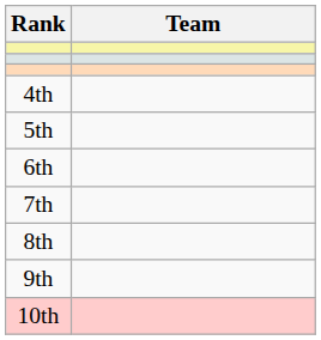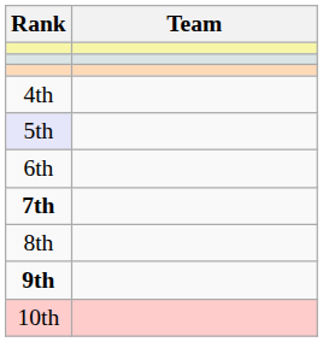 <table class="wikitable" style="text-align:center">
 <tr>
 <th width=30>Rank</th>
 <th width=160>Team</th>
 </tr>
 <tr style="background:#f7f6a8;">
 <td></td>
 <td align=left></td>
 </tr>
 <tr style="background:#dce5e5;">
 <td></td>
 <td align=left></td>
 </tr>
 <tr style="background:#ffdab9;">
 <td></td>
 <td align=left></td>
 </tr>
 <tr>
 <td>4th</td>
 <td align=left></td>
 </tr>
 <tr>
-<td>5th</td>
+<td style="background: lavender;">5th</td>
 <td align=left></td>
 </tr>
 <tr>
 <td>6th</td>
 <td align=left></td>
 </tr>
 <tr>
-<td>7th</td>
+<td><strong>7th</strong></td>
 <td align=left></td>
 </tr>
 <tr>
 <td>8th</td>
 <td align=left></td>
 </tr>
 <tr>
-<td>9th</td>
+<td><strong>9th</strong></td>
 <td align=left></td>
 </tr>
 <tr style="background:#ffcccc;">
 <td>10th</td>
 <td align=left></td>
 </tr>
 </table>
